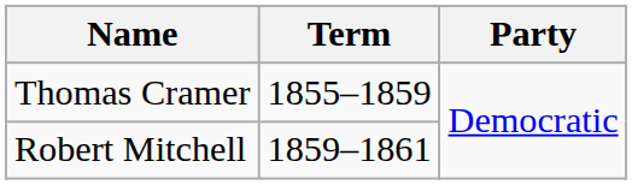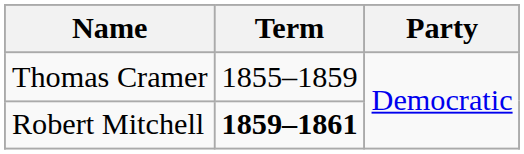 <table class="wikitable">
 <tr>
 <th>Name</th>
 <th>Term</th>
 <th>Party</th>
 </tr>
 <tr>
 <td>Thomas Cramer</td>
 <td>1855–1859</td>
 <td rowspan="2" ><a href='#'>Democratic</a></td>
 </tr>
 <tr>
 <td>Robert Mitchell</td>
-<td>1859–1861</td>
+<td><strong>1859–1861</strong></td>
 </tr>
 </table>
